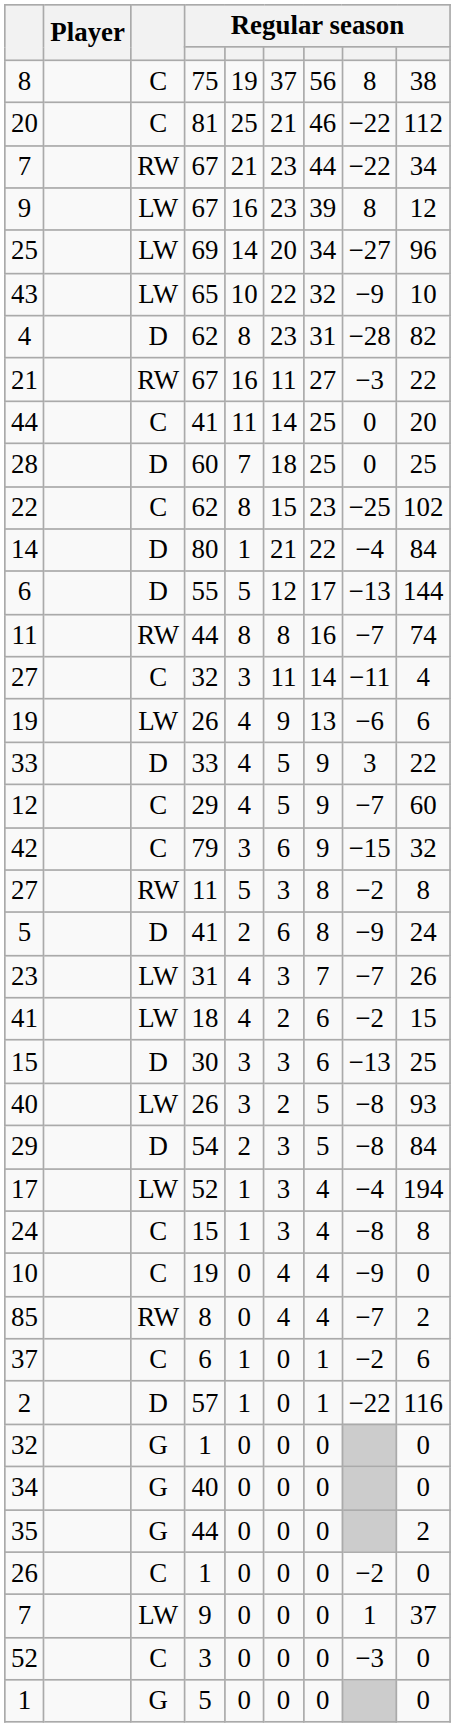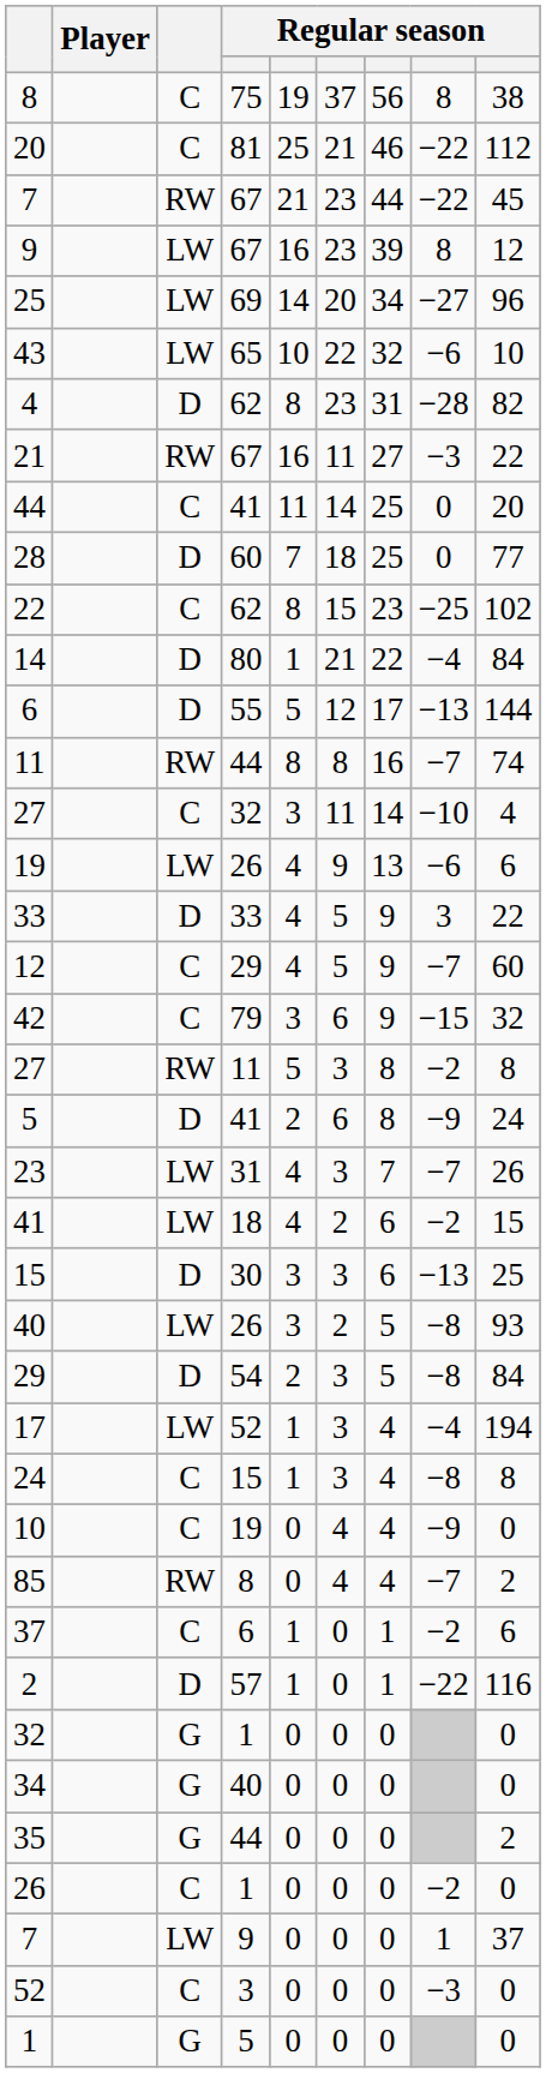 <table class="wikitable sortable plainrowheaders" style="text-align:center;">
 <tr>
 <th scope="col" data-sort-type="number" rowspan="2"></th>
 <th scope="col" rowspan="2">Player</th>
 <th scope="col" rowspan="2"></th>
 <th scope=colgroup colspan=6>Regular season</th>
 </tr>
 <tr>
 <th scope="col" data-sort-type="number"></th>
 <th scope="col" data-sort-type="number"></th>
 <th scope="col" data-sort-type="number"></th>
 <th scope="col" data-sort-type="number"></th>
 <th scope="col" data-sort-type="number"></th>
 <th scope="col" data-sort-type="number"></th>
 </tr>
 <tr>
 <td scope="row">8</td>
 <td align="left"></td>
 <td>C</td>
 <td>75</td>
 <td>19</td>
 <td>37</td>
 <td>56</td>
 <td>8</td>
 <td>38</td>
 </tr>
 <tr>
 <td scope="row">20</td>
 <td align="left"></td>
 <td>C</td>
 <td>81</td>
 <td>25</td>
 <td>21</td>
 <td>46</td>
 <td>−22</td>
 <td>112</td>
 </tr>
 <tr>
 <td scope="row">7</td>
 <td align="left"></td>
 <td>RW</td>
 <td>67</td>
 <td>21</td>
 <td>23</td>
 <td>44</td>
 <td>−22</td>
-<td>34</td>
+<td>45</td>
 </tr>
 <tr>
 <td scope="row">9</td>
 <td align="left"></td>
 <td>LW</td>
 <td>67</td>
 <td>16</td>
 <td>23</td>
 <td>39</td>
 <td>8</td>
 <td>12</td>
 </tr>
 <tr>
 <td scope="row">25</td>
 <td align="left"></td>
 <td>LW</td>
 <td>69</td>
 <td>14</td>
 <td>20</td>
 <td>34</td>
 <td>−27</td>
 <td>96</td>
 </tr>
 <tr>
 <td scope="row">43</td>
 <td align="left"></td>
 <td>LW</td>
 <td>65</td>
 <td>10</td>
 <td>22</td>
 <td>32</td>
-<td>−9</td>
+<td>−6</td>
 <td>10</td>
 </tr>
 <tr>
 <td scope="row">4</td>
 <td align="left"></td>
 <td>D</td>
 <td>62</td>
 <td>8</td>
 <td>23</td>
 <td>31</td>
 <td>−28</td>
 <td>82</td>
 </tr>
 <tr>
 <td scope="row">21</td>
 <td align="left"></td>
 <td>RW</td>
 <td>67</td>
 <td>16</td>
 <td>11</td>
 <td>27</td>
 <td>−3</td>
 <td>22</td>
 </tr>
 <tr>
 <td scope="row">44</td>
 <td align="left"></td>
 <td>C</td>
 <td>41</td>
 <td>11</td>
 <td>14</td>
 <td>25</td>
 <td>0</td>
 <td>20</td>
 </tr>
 <tr>
 <td scope="row">28</td>
 <td align="left"></td>
 <td>D</td>
 <td>60</td>
 <td>7</td>
 <td>18</td>
 <td>25</td>
 <td>0</td>
-<td>25</td>
+<td>77</td>
 </tr>
 <tr>
 <td scope="row">22</td>
 <td align="left"></td>
 <td>C</td>
 <td>62</td>
 <td>8</td>
 <td>15</td>
 <td>23</td>
 <td>−25</td>
 <td>102</td>
 </tr>
 <tr>
 <td scope="row">14</td>
 <td align="left"></td>
 <td>D</td>
 <td>80</td>
 <td>1</td>
 <td>21</td>
 <td>22</td>
 <td>−4</td>
 <td>84</td>
 </tr>
 <tr>
 <td scope="row">6</td>
 <td align="left"></td>
 <td>D</td>
 <td>55</td>
 <td>5</td>
 <td>12</td>
 <td>17</td>
 <td>−13</td>
 <td>144</td>
 </tr>
 <tr>
 <td scope="row">11</td>
 <td align="left"></td>
 <td>RW</td>
 <td>44</td>
 <td>8</td>
 <td>8</td>
 <td>16</td>
 <td>−7</td>
 <td>74</td>
 </tr>
 <tr>
 <td scope="row">27</td>
 <td align="left"></td>
 <td>C</td>
 <td>32</td>
 <td>3</td>
 <td>11</td>
 <td>14</td>
-<td>−11</td>
+<td>−10</td>
 <td>4</td>
 </tr>
 <tr>
 <td scope="row">19</td>
 <td align="left"></td>
 <td>LW</td>
 <td>26</td>
 <td>4</td>
 <td>9</td>
 <td>13</td>
 <td>−6</td>
 <td>6</td>
 </tr>
 <tr>
 <td scope="row">33</td>
 <td align="left"></td>
 <td>D</td>
 <td>33</td>
 <td>4</td>
 <td>5</td>
 <td>9</td>
 <td>3</td>
 <td>22</td>
 </tr>
 <tr>
 <td scope="row">12</td>
 <td align="left"></td>
 <td>C</td>
 <td>29</td>
 <td>4</td>
 <td>5</td>
 <td>9</td>
 <td>−7</td>
 <td>60</td>
 </tr>
 <tr>
 <td scope="row">42</td>
 <td align="left"></td>
 <td>C</td>
 <td>79</td>
 <td>3</td>
 <td>6</td>
 <td>9</td>
 <td>−15</td>
 <td>32</td>
 </tr>
 <tr>
 <td scope="row">27</td>
 <td align="left"></td>
 <td>RW</td>
 <td>11</td>
 <td>5</td>
 <td>3</td>
 <td>8</td>
 <td>−2</td>
 <td>8</td>
 </tr>
 <tr>
 <td scope="row">5</td>
 <td align="left"></td>
 <td>D</td>
 <td>41</td>
 <td>2</td>
 <td>6</td>
 <td>8</td>
 <td>−9</td>
 <td>24</td>
 </tr>
 <tr>
 <td scope="row">23</td>
 <td align="left"></td>
 <td>LW</td>
 <td>31</td>
 <td>4</td>
 <td>3</td>
 <td>7</td>
 <td>−7</td>
 <td>26</td>
 </tr>
 <tr>
 <td scope="row">41</td>
 <td align="left"></td>
 <td>LW</td>
 <td>18</td>
 <td>4</td>
 <td>2</td>
 <td>6</td>
 <td>−2</td>
 <td>15</td>
 </tr>
 <tr>
 <td scope="row">15</td>
 <td align="left"></td>
 <td>D</td>
 <td>30</td>
 <td>3</td>
 <td>3</td>
 <td>6</td>
 <td>−13</td>
 <td>25</td>
 </tr>
 <tr>
 <td scope="row">40</td>
 <td align="left"></td>
 <td>LW</td>
 <td>26</td>
 <td>3</td>
 <td>2</td>
 <td>5</td>
 <td>−8</td>
 <td>93</td>
 </tr>
 <tr>
 <td scope="row">29</td>
 <td align="left"></td>
 <td>D</td>
 <td>54</td>
 <td>2</td>
 <td>3</td>
 <td>5</td>
 <td>−8</td>
 <td>84</td>
 </tr>
 <tr>
 <td scope="row">17</td>
 <td align="left"></td>
 <td>LW</td>
 <td>52</td>
 <td>1</td>
 <td>3</td>
 <td>4</td>
 <td>−4</td>
 <td>194</td>
 </tr>
 <tr>
 <td scope="row">24</td>
 <td align="left"></td>
 <td>C</td>
 <td>15</td>
 <td>1</td>
 <td>3</td>
 <td>4</td>
 <td>−8</td>
 <td>8</td>
 </tr>
 <tr>
 <td scope="row">10</td>
 <td align="left"></td>
 <td>C</td>
 <td>19</td>
 <td>0</td>
 <td>4</td>
 <td>4</td>
 <td>−9</td>
 <td>0</td>
 </tr>
 <tr>
 <td scope="row">85</td>
 <td align="left"></td>
 <td>RW</td>
 <td>8</td>
 <td>0</td>
 <td>4</td>
 <td>4</td>
 <td>−7</td>
 <td>2</td>
 </tr>
 <tr>
 <td scope="row">37</td>
 <td align="left"></td>
 <td>C</td>
 <td>6</td>
 <td>1</td>
 <td>0</td>
 <td>1</td>
 <td>−2</td>
 <td>6</td>
 </tr>
 <tr>
 <td scope="row">2</td>
 <td align="left"></td>
 <td>D</td>
 <td>57</td>
 <td>1</td>
 <td>0</td>
 <td>1</td>
 <td>−22</td>
 <td>116</td>
 </tr>
 <tr>
 <td scope="row">32</td>
 <td align="left"></td>
 <td>G</td>
 <td>1</td>
 <td>0</td>
 <td>0</td>
 <td>0</td>
 <td style="background:#ccc"></td>
 <td>0</td>
 </tr>
 <tr>
 <td scope="row">34</td>
 <td align="left"></td>
 <td>G</td>
 <td>40</td>
 <td>0</td>
 <td>0</td>
 <td>0</td>
 <td style="background:#ccc"></td>
 <td>0</td>
 </tr>
 <tr>
 <td scope="row">35</td>
 <td align="left"></td>
 <td>G</td>
 <td>44</td>
 <td>0</td>
 <td>0</td>
 <td>0</td>
 <td style="background:#ccc"></td>
 <td>2</td>
 </tr>
 <tr>
 <td scope="row">26</td>
 <td align="left"></td>
 <td>C</td>
 <td>1</td>
 <td>0</td>
 <td>0</td>
 <td>0</td>
 <td>−2</td>
 <td>0</td>
 </tr>
 <tr>
 <td scope="row">7</td>
 <td align="left"></td>
 <td>LW</td>
 <td>9</td>
 <td>0</td>
 <td>0</td>
 <td>0</td>
 <td>1</td>
 <td>37</td>
 </tr>
 <tr>
 <td scope="row">52</td>
 <td align="left"></td>
 <td>C</td>
 <td>3</td>
 <td>0</td>
 <td>0</td>
 <td>0</td>
 <td>−3</td>
 <td>0</td>
 </tr>
 <tr>
 <td scope="row">1</td>
 <td align="left"></td>
 <td>G</td>
 <td>5</td>
 <td>0</td>
 <td>0</td>
 <td>0</td>
 <td style="background:#ccc"></td>
 <td>0</td>
 </tr>
 </table>
